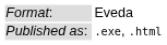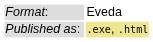 <table style="text-align:left;">
 <tr>
 <td style="background:#ddd; width:100px;"><em>Format</em>:</td>
 <td>Eveda</td>
 </tr>
 <tr>
 <td style="background:#ddd;"><em>Published as</em>:</td>
-<td><code>.exe</code>, <code>.html</code></td>
+<td style="background: khaki;"><code>.exe</code>, <code>.html</code></td>
 </tr>
 </table>
